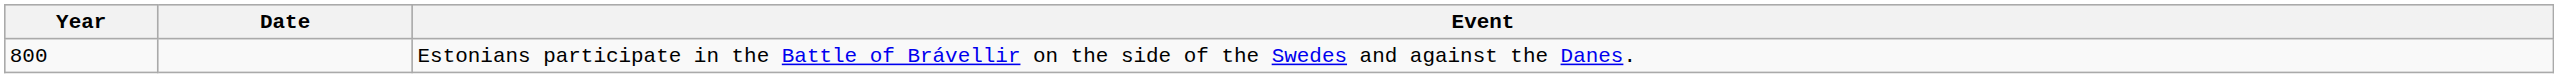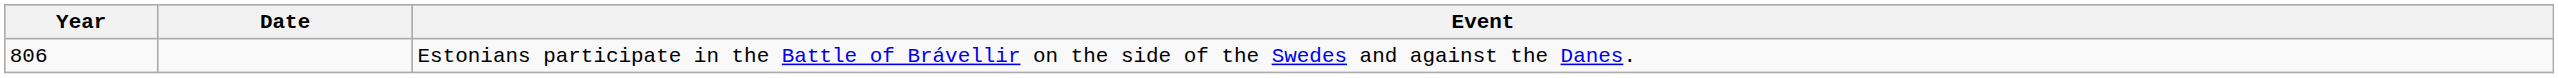 <table class="wikitable" width="100%">
 <tr>
 <th style="width:6%">Year</th>
 <th style="width:10%">Date</th>
 <th>Event</th>
 </tr>
 <tr>
-<td>800</td>
+<td>806</td>
 <td></td>
 <td>Estonians participate in the <a href='#'>Battle of Brávellir</a> on the side of the <a href='#'>Swedes</a> and against the <a href='#'>Danes</a>.</td>
 </tr>
 </table>
